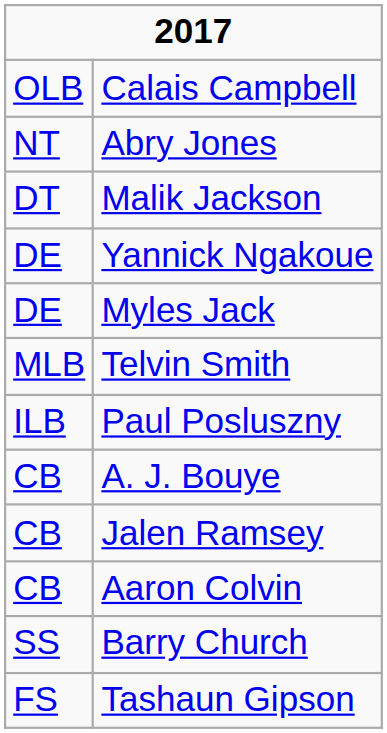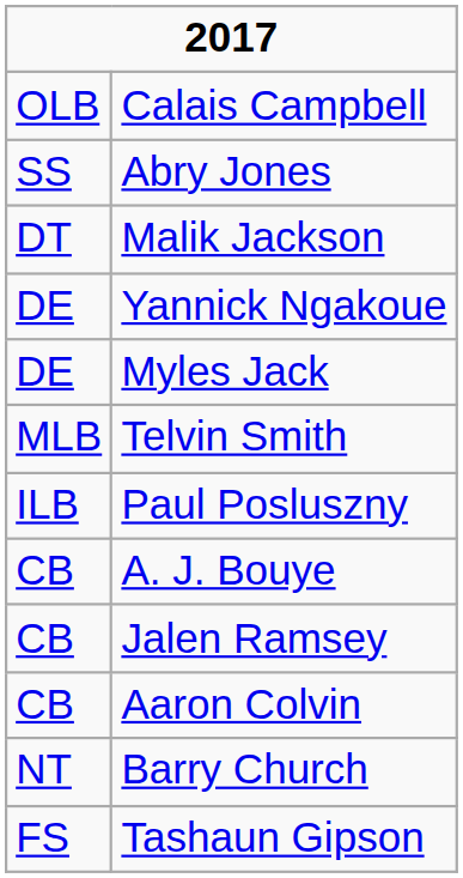 <table class="wikitable">
 <tr>
 <td colspan="3" style="text-align:center; "><strong>2017</strong></td>
 </tr>
 <tr>
 <td><a href='#'>OLB</a></td>
 <td><a href='#'>Calais Campbell</a></td>
 </tr>
 <tr>
-<td><a href='#'>NT</a></td>
+<td><a href='#'>SS</a></td>
 <td><a href='#'>Abry Jones</a></td>
 </tr>
 <tr>
 <td><a href='#'>DT</a></td>
 <td><a href='#'>Malik Jackson</a></td>
 </tr>
 <tr>
 <td><a href='#'>DE</a></td>
 <td><a href='#'>Yannick Ngakoue</a></td>
 </tr>
 <tr>
 <td><a href='#'>DE</a></td>
 <td><a href='#'>Myles Jack</a></td>
 </tr>
 <tr>
 <td><a href='#'>MLB</a></td>
 <td><a href='#'>Telvin Smith</a></td>
 </tr>
 <tr>
 <td><a href='#'>ILB</a></td>
 <td><a href='#'>Paul Posluszny</a></td>
 </tr>
 <tr>
 <td><a href='#'>CB</a></td>
 <td><a href='#'>A. J. Bouye</a></td>
 </tr>
 <tr>
 <td><a href='#'>CB</a></td>
 <td><a href='#'>Jalen Ramsey</a></td>
 </tr>
 <tr>
 <td><a href='#'>CB</a></td>
 <td><a href='#'>Aaron Colvin</a></td>
 </tr>
 <tr>
-<td><a href='#'>SS</a></td>
+<td><a href='#'>NT</a></td>
 <td><a href='#'>Barry Church</a></td>
 </tr>
 <tr>
 <td><a href='#'>FS</a></td>
 <td><a href='#'>Tashaun Gipson</a></td>
 </tr>
 </table>
